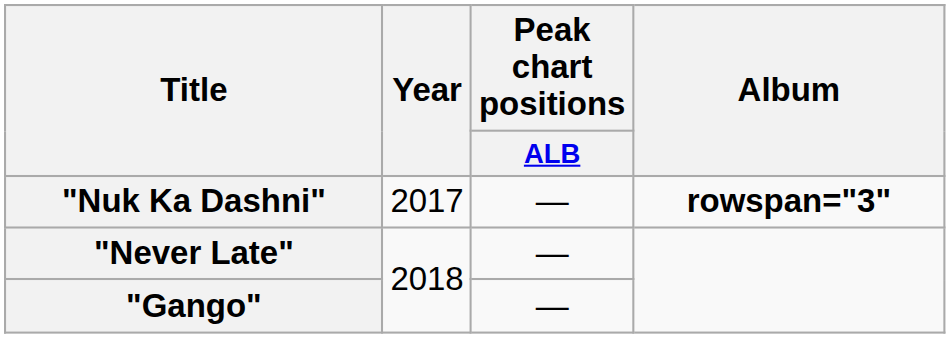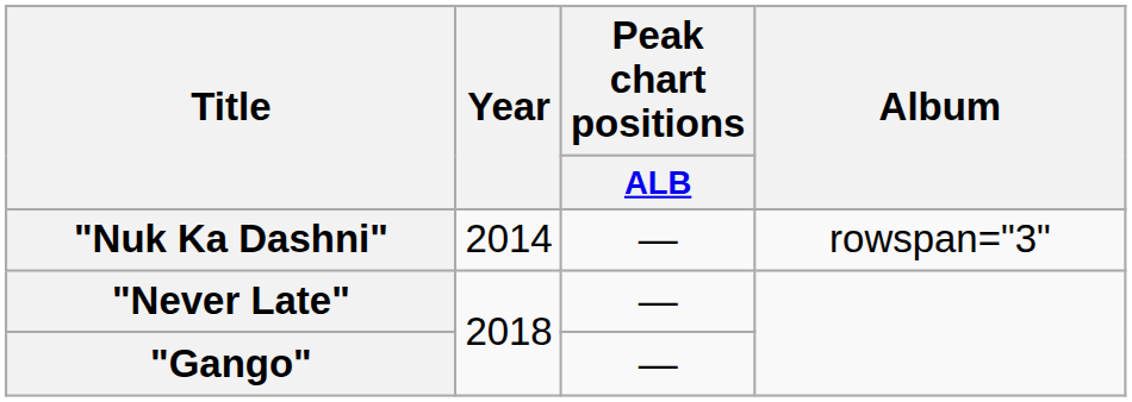 <table class="wikitable plainrowheaders" style="text-align:center;">
 <tr>
 <th scope="col" rowspan="2" style="width:11em;">Title</th>
 <th scope="col" rowspan="2" style="width:2em;">Year</th>
 <th scope="col" colspan="1">Peak chart positions</th>
 <th scope="col" rowspan="2" style="width:9em;">Album</th>
 </tr>
 <tr>
 <th style="width:40px; font-size:smaller;"><a href='#'>ALB</a></th>
 </tr>
 <tr>
 <th scope="row">"Nuk Ka Dashni"<br></th>
-<td rowspan="1">2017</td>
+<td rowspan="1">2014</td>
 <td>—</td>
-<td><strong>rowspan="3" </strong></td>
+<td>rowspan="3" </td>
 </tr>
 <tr>
 <th scope="row">"Never Late"<br></th>
 <td rowspan="2">2018</td>
 <td>—</td>
 </tr>
 <tr>
 <th scope="row">"Gango"<br></th>
 <td>—</td>
 </tr>
 </table>
